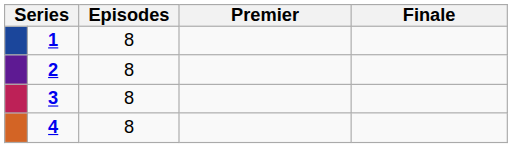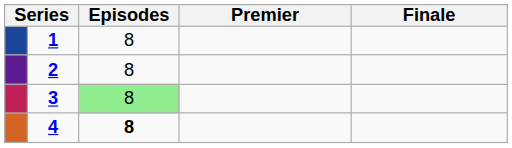 <table class="wikitable">
 <tr>
 <th style="padding:0 8px;" colspan="2">Series</th>
 <th style="padding:0 8px;">Episodes</th>
 <th style="padding:0 45px;">Premier</th>
 <th style="padding:0 45px;">Finale</th>
 </tr>
 <tr>
 <td bgcolor="#1B469B" height="10px"></td>
 <td align="center"><strong><a href='#'>1</a></strong></td>
 <td align="center">8</td>
 <td align="center"></td>
 <td align="center"></td>
 </tr>
 <tr>
 <td bgcolor="#5E1A93" height="10px"></td>
 <td align="center"><strong><a href='#'>2</a></strong></td>
 <td align="center">8</td>
 <td align="center"></td>
 <td align="center"></td>
 </tr>
 <tr>
 <td bgcolor="#BD2157" height="10px"></td>
 <td align="center"><strong><a href='#'>3</a></strong></td>
-<td align="center">8</td>
+<td align="center" style="background: lightgreen;">8</td>
 <td align="center"></td>
 <td align="center"></td>
 </tr>
 <tr>
 <td bgcolor="#D36425" height="10px"></td>
 <td align="center"><strong><a href='#'>4</a></strong></td>
-<td align="center">8</td>
+<td align="center"><strong>8</strong></td>
 <td align="center"></td>
 <td align="center"></td>
 </tr>
 </table>
